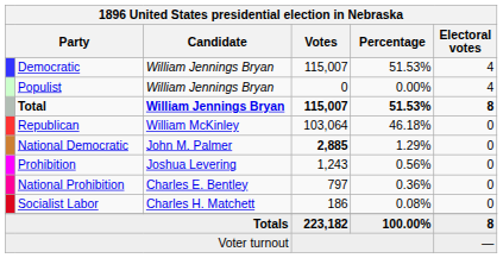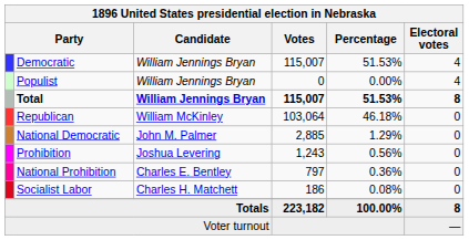 <table class="wikitable" style="font-size: 95%;">
 <tr>
 <th colspan="6">1896 United States presidential election in Nebraska</th>
 </tr>
 <tr>
 <th colspan="2" style="width: 15em">Party</th>
 <th style="width: 17em">Candidate</th>
 <th style="width: 5em">Votes</th>
 <th style="width: 7em">Percentage</th>
 <th style="width: 5em">Electoral votes</th>
 </tr>
 <tr>
 <th style="background-color:#3333FF; width: 3px"></th>
 <td style="width: 130px"><a href='#'>Democratic</a></td>
 <td><em>William Jennings Bryan</em></td>
 <td align="right">115,007</td>
 <td align="right">51.53%</td>
 <td align="right">4</td>
 </tr>
 <tr>
 <th style="background-color:#CCFFCC; width: 3px"></th>
 <td style="width: 130px"><a href='#'>Populist</a></td>
 <td><em>William Jennings Bryan</em></td>
 <td align="right">0</td>
 <td align="right">0.00%</td>
 <td align="right">4</td>
 </tr>
 <tr>
 <th style="background-color:#B2BEB5; width: 3px"></th>
 <td style="width: 130px"><strong> Total</strong></td>
 <td><strong><a href='#'>William Jennings Bryan</a></strong></td>
 <td align="right"><strong>115,007</strong></td>
 <td align="right"><strong>51.53%</strong></td>
 <td align="right"><strong>8</strong></td>
 </tr>
 <tr>
 <th style="background-color:#FF3333; width: 3px"></th>
 <td style="width: 130px"><a href='#'>Republican</a></td>
 <td><a href='#'>William McKinley</a></td>
 <td align="right">103,064</td>
 <td align="right">46.18%</td>
 <td align="right">0</td>
 </tr>
 <tr>
 <th style="background-color:#CD7F32; width: 3px"></th>
 <td style="width: 130px"><a href='#'>National Democratic</a></td>
 <td><a href='#'>John M. Palmer</a></td>
-<td align="right"><strong>2,885</strong></td>
+<td align="right">2,885</td>
 <td align="right">1.29%</td>
 <td align="right">0</td>
 </tr>
 <tr>
 <th style="background-color:#FF00FF; width: 3px"></th>
 <td style="width: 130px"><a href='#'>Prohibition</a></td>
 <td><a href='#'>Joshua Levering</a></td>
 <td align="right">1,243</td>
 <td align="right">0.56%</td>
 <td align="right">0</td>
 </tr>
 <tr>
 <th style="background-color:#f09; width: 3px"></th>
 <td style="width: 130px"><a href='#'>National Prohibition</a></td>
 <td><a href='#'>Charles E. Bentley</a></td>
 <td align="right">797</td>
 <td align="right">0.36%</td>
 <td align="right">0</td>
 </tr>
 <tr>
 <th style="background-color:#DD051D; width: 3px"></th>
 <td style="width: 130px"><a href='#'>Socialist Labor</a></td>
 <td><a href='#'>Charles H. Matchett</a></td>
 <td align="right">186</td>
 <td align="right">0.08%</td>
 <td align="right">0</td>
 </tr>
 <tr>
 </tr>
 <tr bgcolor="#EEEEEE">
 <td colspan="3" align="right"><strong>Totals</strong></td>
 <td align="right"><strong>223,182</strong></td>
 <td align="right"><strong>100.00%</strong></td>
 <td align="right"><strong>8</strong></td>
 </tr>
 <tr bgcolor="#EEEEEE">
 <td colspan="3" align="right">Voter turnout</td>
 <td colspan="2" align="right"></td>
 <td align="right">—</td>
 </tr>
 </table>
